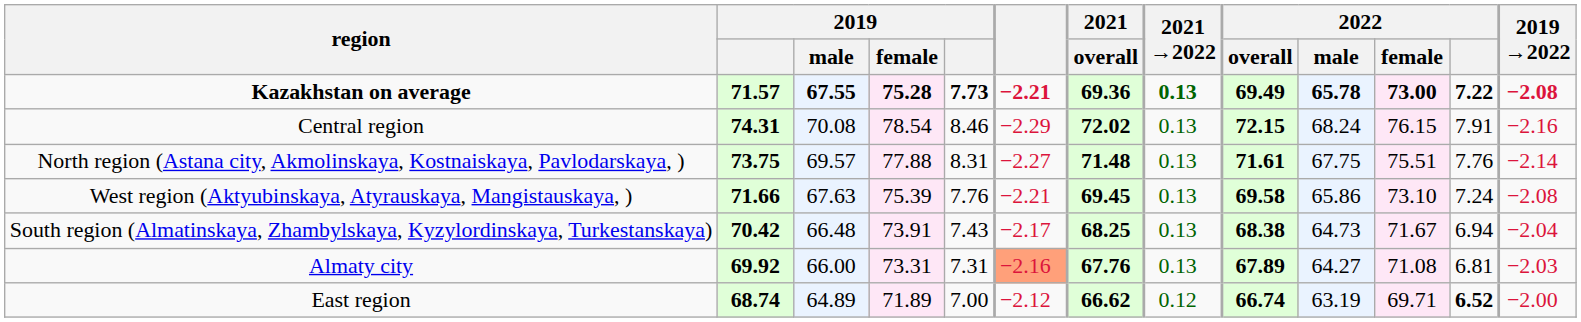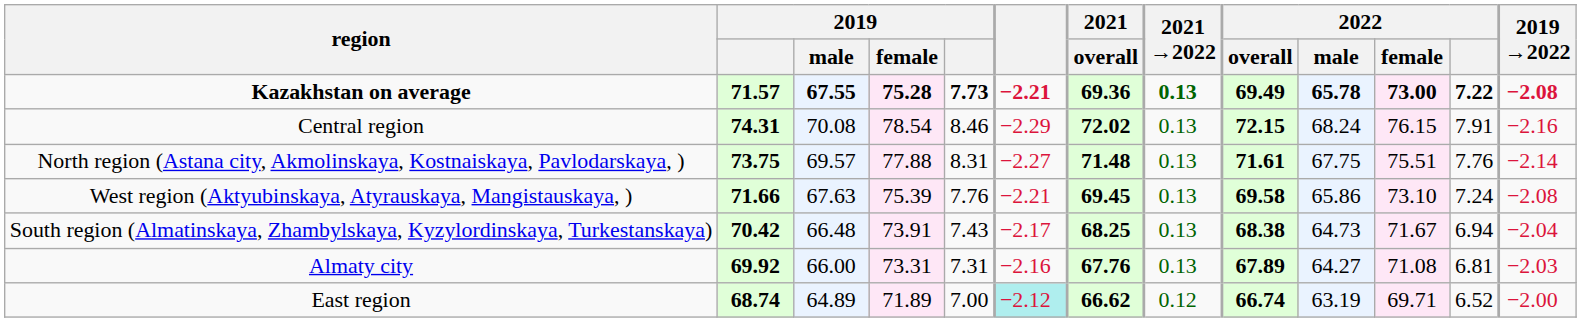 <table class="wikitable sortable mw-datatable static-row-numbers sort-under col1left col6right col8right col13right" style="text-align:center;">
 <tr>
 <th rowspan=2 style="vertical-align:middle;">region</th>
 <th colspan=4>2019</th>
 <th rowspan=2 style="vertical-align:middle;border-left-width:2px;"></th>
 <th style="border-left-width:2px;">2021</th>
 <th rowspan=2 style="vertical-align:middle;border-left-width:2px;">2021<br>→2022</th>
 <th colspan=4 style="border-left-width:2px;">2022</th>
 <th rowspan=2 style="vertical-align:middle;border-left-width:2px;">2019<br>→2022</th>
 </tr>
 <tr>
 <th style="vertical-align:middle;min-width:3em;"></th>
 <th style="vertical-align:middle;min-width:3em;">male</th>
 <th style="vertical-align:middle;min-width:3em;">female</th>
 <th></th>
 <th style="vertical-align:middle;min-width:3em;border-left-width:2px;">overall</th>
 <th style="vertical-align:middle;min-width:3em;border-left-width:2px;">overall</th>
 <th style="vertical-align:middle;min-width:3em;">male</th>
 <th style="vertical-align:middle;min-width:3em;">female</th>
 <th></th>
 </tr>
 <tr class=static-row-header>
 <td><strong>Kazakhstan on average</strong></td>
 <td style="background:#e0ffd8;"><strong>71.57</strong></td>
 <td style="background:#eaf3ff;"><strong>67.55</strong></td>
 <td style="background:#fee7f6;"><strong>75.28</strong></td>
 <td><strong>7.73</strong></td>
 <td style="padding-right:1.5ex;color:crimson;border-left-width:2px;"><strong>−2.21</strong></td>
 <td style="background:#e0ffd8;border-left-width:2px;"><strong>69.36</strong></td>
 <td style="padding-right:1.5ex;color:darkgreen;border-left-width:2px;"><strong>0.13</strong></td>
 <td style="background:#e0ffd8;border-left-width:2px;"><strong>69.49</strong></td>
 <td style="background:#eaf3ff;"><strong>65.78</strong></td>
 <td style="background:#fee7f6;"><strong>73.00</strong></td>
 <td><strong>7.22</strong></td>
 <td style="padding-right:1.5ex;color:crimson;border-left-width:2px;"><strong>−2.08</strong></td>
 </tr>
 <tr>
 <td>Central region </td>
 <td style="background:#e0ffd8;"><strong>74.31</strong></td>
 <td style="background:#eaf3ff;">70.08</td>
 <td style="background:#fee7f6;">78.54</td>
 <td>8.46</td>
 <td style="padding-right:1.5ex;color:crimson;border-left-width:2px;">−2.29</td>
 <td style="background:#e0ffd8;border-left-width:2px;"><strong>72.02</strong></td>
 <td style="padding-right:1.5ex;color:darkgreen;border-left-width:2px;">0.13</td>
 <td style="background:#e0ffd8;border-left-width:2px;"><strong>72.15</strong></td>
 <td style="background:#eaf3ff;">68.24</td>
 <td style="background:#fee7f6;">76.15</td>
 <td>7.91</td>
 <td style="padding-right:1.5ex;color:crimson;border-left-width:2px;">−2.16</td>
 </tr>
 <tr>
 <td>North region (<a href='#'>Astana city</a>, <a href='#'>Akmolinskaya</a>, <a href='#'>Kostnaiskaya</a>, <a href='#'>Pavlodarskaya</a>, )</td>
 <td style="background:#e0ffd8;"><strong>73.75</strong></td>
 <td style="background:#eaf3ff;">69.57</td>
 <td style="background:#fee7f6;">77.88</td>
 <td>8.31</td>
 <td style="padding-right:1.5ex;color:crimson;border-left-width:2px;">−2.27</td>
 <td style="background:#e0ffd8;border-left-width:2px;"><strong>71.48</strong></td>
 <td style="padding-right:1.5ex;color:darkgreen;border-left-width:2px;">0.13</td>
 <td style="background:#e0ffd8;border-left-width:2px;"><strong>71.61</strong></td>
 <td style="background:#eaf3ff;">67.75</td>
 <td style="background:#fee7f6;">75.51</td>
 <td>7.76</td>
 <td style="padding-right:1.5ex;color:crimson;border-left-width:2px;">−2.14</td>
 </tr>
 <tr>
 <td>West region (<a href='#'>Aktyubinskaya</a>, <a href='#'>Atyrauskaya</a>, <a href='#'>Mangistauskaya</a>, )</td>
 <td style="background:#e0ffd8;"><strong>71.66</strong></td>
 <td style="background:#eaf3ff;">67.63</td>
 <td style="background:#fee7f6;">75.39</td>
 <td>7.76</td>
 <td style="padding-right:1.5ex;color:crimson;border-left-width:2px;">−2.21</td>
 <td style="background:#e0ffd8;border-left-width:2px;"><strong>69.45</strong></td>
 <td style="padding-right:1.5ex;color:darkgreen;border-left-width:2px;">0.13</td>
 <td style="background:#e0ffd8;border-left-width:2px;"><strong>69.58</strong></td>
 <td style="background:#eaf3ff;">65.86</td>
 <td style="background:#fee7f6;">73.10</td>
 <td>7.24</td>
 <td style="padding-right:1.5ex;color:crimson;border-left-width:2px;">−2.08</td>
 </tr>
 <tr>
 <td>South region (<a href='#'>Almatinskaya</a>, <a href='#'>Zhambylskaya</a>, <a href='#'>Kyzylordinskaya</a>, <a href='#'>Turkestanskaya</a>)</td>
 <td style="background:#e0ffd8;"><strong>70.42</strong></td>
 <td style="background:#eaf3ff;">66.48</td>
 <td style="background:#fee7f6;">73.91</td>
 <td>7.43</td>
 <td style="padding-right:1.5ex;color:crimson;border-left-width:2px;">−2.17</td>
 <td style="background:#e0ffd8;border-left-width:2px;"><strong>68.25</strong></td>
 <td style="padding-right:1.5ex;color:darkgreen;border-left-width:2px;">0.13</td>
 <td style="background:#e0ffd8;border-left-width:2px;"><strong>68.38</strong></td>
 <td style="background:#eaf3ff;">64.73</td>
 <td style="background:#fee7f6;">71.67</td>
 <td>6.94</td>
 <td style="padding-right:1.5ex;color:crimson;border-left-width:2px;">−2.04</td>
 </tr>
 <tr>
 <td><a href='#'>Almaty city</a></td>
 <td style="background:#e0ffd8;"><strong>69.92</strong></td>
 <td style="background:#eaf3ff;">66.00</td>
 <td style="background:#fee7f6;">73.31</td>
 <td>7.31</td>
-<td style="background: lightsalmon; padding-right:1.5ex;color:crimson;border-left-width:2px;">−2.16</td>
+<td style="padding-right:1.5ex;color:crimson;border-left-width:2px;">−2.16</td>
 <td style="background:#e0ffd8;border-left-width:2px;"><strong>67.76</strong></td>
 <td style="padding-right:1.5ex;color:darkgreen;border-left-width:2px;">0.13</td>
 <td style="background:#e0ffd8;border-left-width:2px;"><strong>67.89</strong></td>
 <td style="background:#eaf3ff;">64.27</td>
 <td style="background:#fee7f6;">71.08</td>
 <td>6.81</td>
 <td style="padding-right:1.5ex;color:crimson;border-left-width:2px;">−2.03</td>
 </tr>
 <tr>
 <td>East region </td>
 <td style="background:#e0ffd8;"><strong>68.74</strong></td>
 <td style="background:#eaf3ff;">64.89</td>
 <td style="background:#fee7f6;">71.89</td>
 <td>7.00</td>
-<td style="padding-right:1.5ex;color:crimson;border-left-width:2px;">−2.12</td>
+<td style="background: paleturquoise; padding-right:1.5ex;color:crimson;border-left-width:2px;">−2.12</td>
 <td style="background:#e0ffd8;border-left-width:2px;"><strong>66.62</strong></td>
 <td style="padding-right:1.5ex;color:darkgreen;border-left-width:2px;">0.12</td>
 <td style="background:#e0ffd8;border-left-width:2px;"><strong>66.74</strong></td>
 <td style="background:#eaf3ff;">63.19</td>
 <td style="background:#fee7f6;">69.71</td>
-<td><strong>6.52</strong></td>
+<td>6.52</td>
 <td style="padding-right:1.5ex;color:crimson;border-left-width:2px;">−2.00</td>
 </tr>
 </table>
